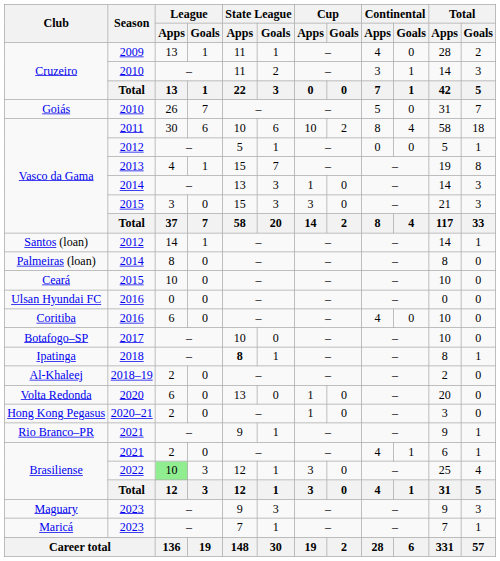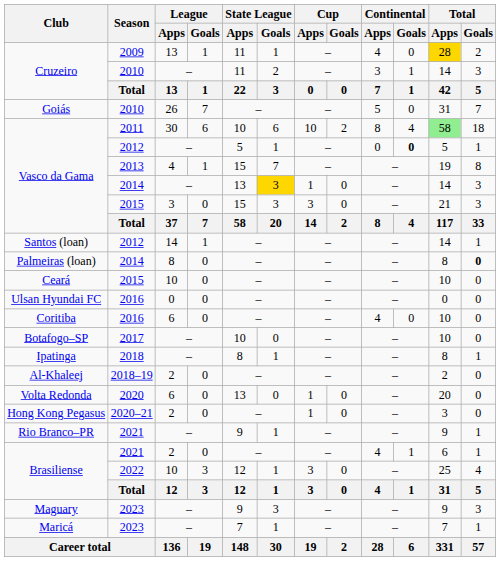 <table class="wikitable" style="text-align:center">
 <tr>
 <th rowspan="2">Club</th>
 <th rowspan="2">Season</th>
 <th colspan="2">League</th>
 <th colspan="2">State League</th>
 <th colspan="2">Cup</th>
 <th colspan="2">Continental</th>
 <th colspan="2">Total</th>
 </tr>
 <tr>
 <th>Apps</th>
 <th>Goals</th>
 <th>Apps</th>
 <th>Goals</th>
 <th>Apps</th>
 <th>Goals</th>
 <th>Apps</th>
 <th>Goals</th>
 <th>Apps</th>
 <th>Goals</th>
 </tr>
 <tr>
 <td rowspan="3"><a href='#'>Cruzeiro</a></td>
 <td><a href='#'>2009</a></td>
 <td>13</td>
 <td>1</td>
 <td>11</td>
 <td>1</td>
 <td colspan="2">–</td>
 <td>4</td>
 <td>0</td>
-<td>28</td>
+<td style="background: gold;">28</td>
 <td>2</td>
 </tr>
 <tr>
 <td><a href='#'>2010</a></td>
 <td colspan="2">–</td>
 <td>11</td>
 <td>2</td>
 <td colspan="2">–</td>
 <td>3</td>
 <td>1</td>
 <td>14</td>
 <td>3</td>
 </tr>
 <tr>
 <th>Total</th>
 <th>13</th>
 <th>1</th>
 <th>22</th>
 <th>3</th>
 <th>0</th>
 <th>0</th>
 <th>7</th>
 <th>1</th>
 <th>42</th>
 <th>5</th>
 </tr>
 <tr>
 <td><a href='#'>Goiás</a></td>
 <td><a href='#'>2010</a></td>
 <td>26</td>
 <td>7</td>
 <td colspan="2">–</td>
 <td colspan="2">–</td>
 <td>5</td>
 <td>0</td>
 <td>31</td>
 <td>7</td>
 </tr>
 <tr>
 <td rowspan="6"><a href='#'>Vasco da Gama</a></td>
 <td><a href='#'>2011</a></td>
 <td>30</td>
 <td>6</td>
 <td>10</td>
 <td>6</td>
 <td>10</td>
 <td>2</td>
 <td>8</td>
 <td>4</td>
-<td>58</td>
+<td style="background: lightgreen;">58</td>
 <td>18</td>
 </tr>
 <tr>
 <td><a href='#'>2012</a></td>
 <td colspan="2">–</td>
 <td>5</td>
 <td>1</td>
 <td colspan="2">–</td>
 <td>0</td>
-<td>0</td>
+<td><strong>0</strong></td>
 <td>5</td>
 <td>1</td>
 </tr>
 <tr>
 <td><a href='#'>2013</a></td>
 <td>4</td>
 <td>1</td>
 <td>15</td>
 <td>7</td>
 <td colspan="2">–</td>
 <td colspan="2">–</td>
 <td>19</td>
 <td>8</td>
 </tr>
 <tr>
 <td><a href='#'>2014</a></td>
 <td colspan="2">–</td>
 <td>13</td>
-<td>3</td>
+<td style="background: gold;">3</td>
 <td>1</td>
 <td>0</td>
 <td colspan="2">–</td>
 <td>14</td>
 <td>3</td>
 </tr>
 <tr>
 <td><a href='#'>2015</a></td>
 <td>3</td>
 <td>0</td>
 <td>15</td>
 <td>3</td>
 <td>3</td>
 <td>0</td>
 <td colspan="2">–</td>
 <td>21</td>
 <td>3</td>
 </tr>
 <tr>
 <th>Total</th>
 <th>37</th>
 <th>7</th>
 <th>58</th>
 <th>20</th>
 <th>14</th>
 <th>2</th>
 <th>8</th>
 <th>4</th>
 <th>117</th>
 <th>33</th>
 </tr>
 <tr>
 <td><a href='#'>Santos</a> (loan)</td>
 <td><a href='#'>2012</a></td>
 <td>14</td>
 <td>1</td>
 <td colspan="2">–</td>
 <td colspan="2">–</td>
 <td colspan="2">–</td>
 <td>14</td>
 <td>1</td>
 </tr>
 <tr>
 <td><a href='#'>Palmeiras</a> (loan)</td>
 <td><a href='#'>2014</a></td>
 <td>8</td>
 <td>0</td>
 <td colspan="2">–</td>
 <td colspan="2">–</td>
 <td colspan="2">–</td>
 <td>8</td>
-<td>0</td>
+<td><strong>0</strong></td>
 </tr>
 <tr>
 <td><a href='#'>Ceará</a></td>
 <td><a href='#'>2015</a></td>
 <td>10</td>
 <td>0</td>
 <td colspan="2">–</td>
 <td colspan="2">–</td>
 <td colspan="2">–</td>
 <td>10</td>
 <td>0</td>
 </tr>
 <tr>
 <td><a href='#'>Ulsan Hyundai FC</a></td>
 <td><a href='#'>2016</a></td>
 <td>0</td>
 <td>0</td>
 <td colspan="2">–</td>
 <td colspan="2">–</td>
 <td colspan="2">–</td>
 <td>0</td>
 <td>0</td>
 </tr>
 <tr>
 <td><a href='#'>Coritiba</a></td>
 <td><a href='#'>2016</a></td>
 <td>6</td>
 <td>0</td>
 <td colspan="2">–</td>
 <td colspan="2">–</td>
 <td>4</td>
 <td>0</td>
 <td>10</td>
 <td>0</td>
 </tr>
 <tr>
 <td><a href='#'>Botafogo–SP</a></td>
 <td><a href='#'>2017</a></td>
 <td colspan="2">–</td>
 <td>10</td>
 <td>0</td>
 <td colspan="2">–</td>
 <td colspan="2">–</td>
 <td>10</td>
 <td>0</td>
 </tr>
 <tr>
 <td><a href='#'>Ipatinga</a></td>
 <td><a href='#'>2018</a></td>
 <td colspan="2">–</td>
-<td><strong>8</strong></td>
+<td>8</td>
 <td>1</td>
 <td colspan="2">–</td>
 <td colspan="2">–</td>
 <td>8</td>
 <td>1</td>
 </tr>
 <tr>
 <td><a href='#'>Al-Khaleej</a></td>
 <td><a href='#'>2018–19</a></td>
 <td>2</td>
 <td>0</td>
 <td colspan="2">–</td>
 <td colspan="2">–</td>
 <td colspan="2">–</td>
 <td>2</td>
 <td>0</td>
 </tr>
 <tr>
 <td><a href='#'>Volta Redonda</a></td>
 <td><a href='#'>2020</a></td>
 <td>6</td>
 <td>0</td>
 <td>13</td>
 <td>0</td>
 <td>1</td>
 <td>0</td>
 <td colspan="2">–</td>
 <td>20</td>
 <td>0</td>
 </tr>
 <tr>
 <td><a href='#'>Hong Kong Pegasus</a></td>
 <td><a href='#'>2020–21</a></td>
 <td>2</td>
 <td>0</td>
 <td colspan="2">–</td>
 <td>1</td>
 <td>0</td>
 <td colspan="2">–</td>
 <td>3</td>
 <td>0</td>
 </tr>
 <tr>
 <td><a href='#'>Rio Branco–PR</a></td>
 <td><a href='#'>2021</a></td>
 <td colspan="2">–</td>
 <td>9</td>
 <td>1</td>
 <td colspan="2">–</td>
 <td colspan="2">–</td>
 <td>9</td>
 <td>1</td>
 </tr>
 <tr>
 <td rowspan="3"><a href='#'>Brasiliense</a></td>
 <td><a href='#'>2021</a></td>
 <td>2</td>
 <td>0</td>
 <td colspan="2">–</td>
 <td colspan="2">–</td>
 <td>4</td>
 <td>1</td>
 <td>6</td>
 <td>1</td>
 </tr>
 <tr>
 <td><a href='#'>2022</a></td>
-<td style="background: lightgreen;">10</td>
+<td>10</td>
 <td>3</td>
 <td>12</td>
 <td>1</td>
 <td>3</td>
 <td>0</td>
 <td colspan="2">–</td>
 <td>25</td>
 <td>4</td>
 </tr>
 <tr>
 <th>Total</th>
 <th>12</th>
 <th>3</th>
 <th>12</th>
 <th>1</th>
 <th>3</th>
 <th>0</th>
 <th>4</th>
 <th>1</th>
 <th>31</th>
 <th>5</th>
 </tr>
 <tr>
 <td><a href='#'>Maguary</a></td>
 <td><a href='#'>2023</a></td>
 <td colspan="2">–</td>
 <td>9</td>
 <td>3</td>
 <td colspan="2">–</td>
 <td colspan="2">–</td>
 <td>9</td>
 <td>3</td>
 </tr>
 <tr>
 <td><a href='#'>Maricá</a></td>
 <td><a href='#'>2023</a></td>
 <td colspan="2">–</td>
 <td>7</td>
 <td>1</td>
 <td colspan="2">–</td>
 <td colspan="2">–</td>
 <td>7</td>
 <td>1</td>
 </tr>
 <tr>
 <th colspan="2">Career total</th>
 <th>136</th>
 <th>19</th>
 <th>148</th>
 <th>30</th>
 <th>19</th>
 <th>2</th>
 <th>28</th>
 <th>6</th>
 <th>331</th>
 <th>57</th>
 </tr>
 </table>
